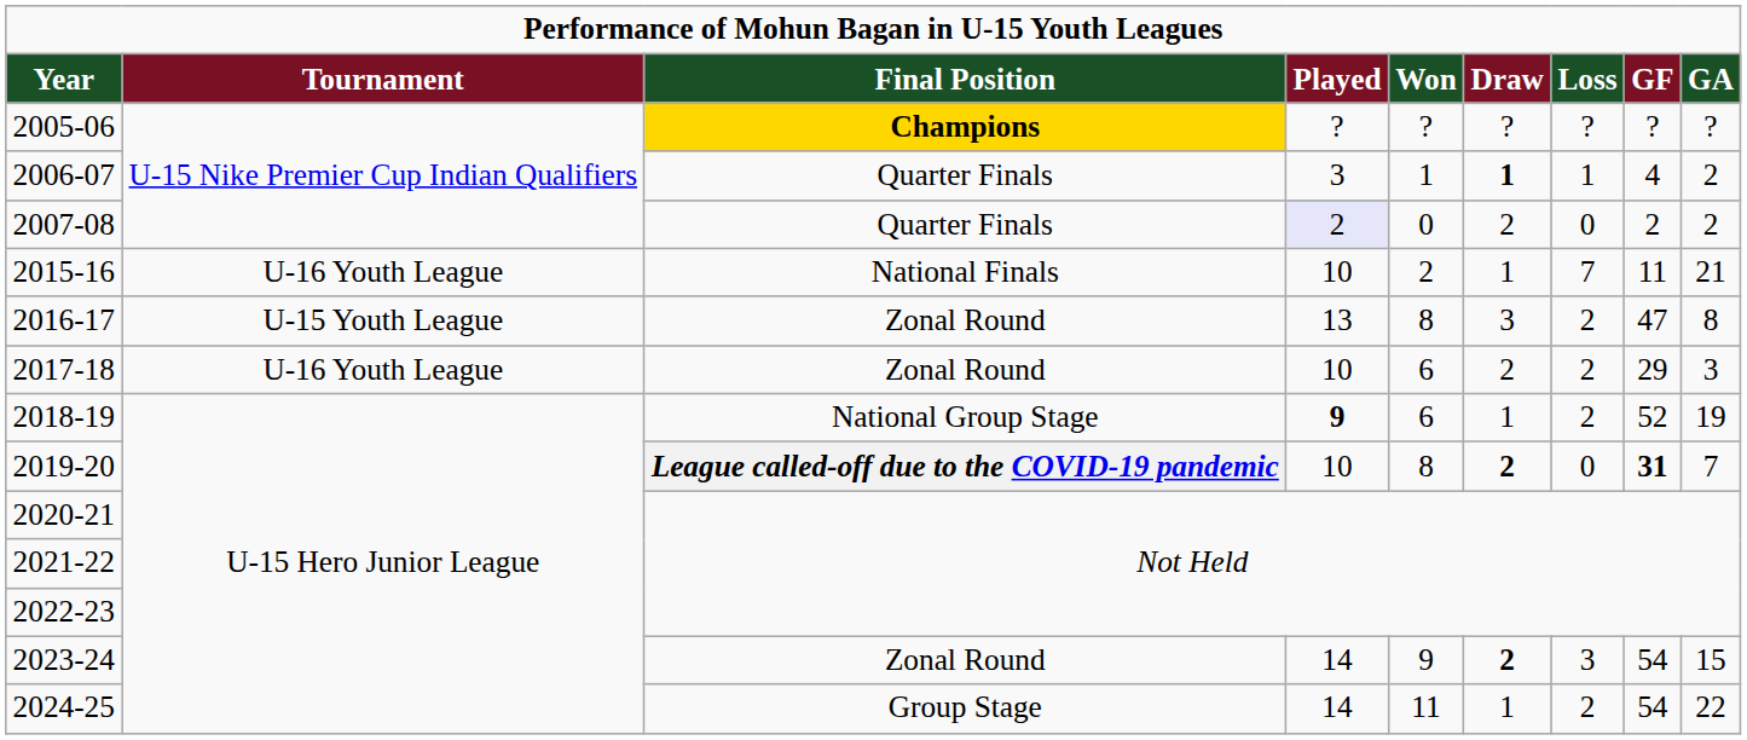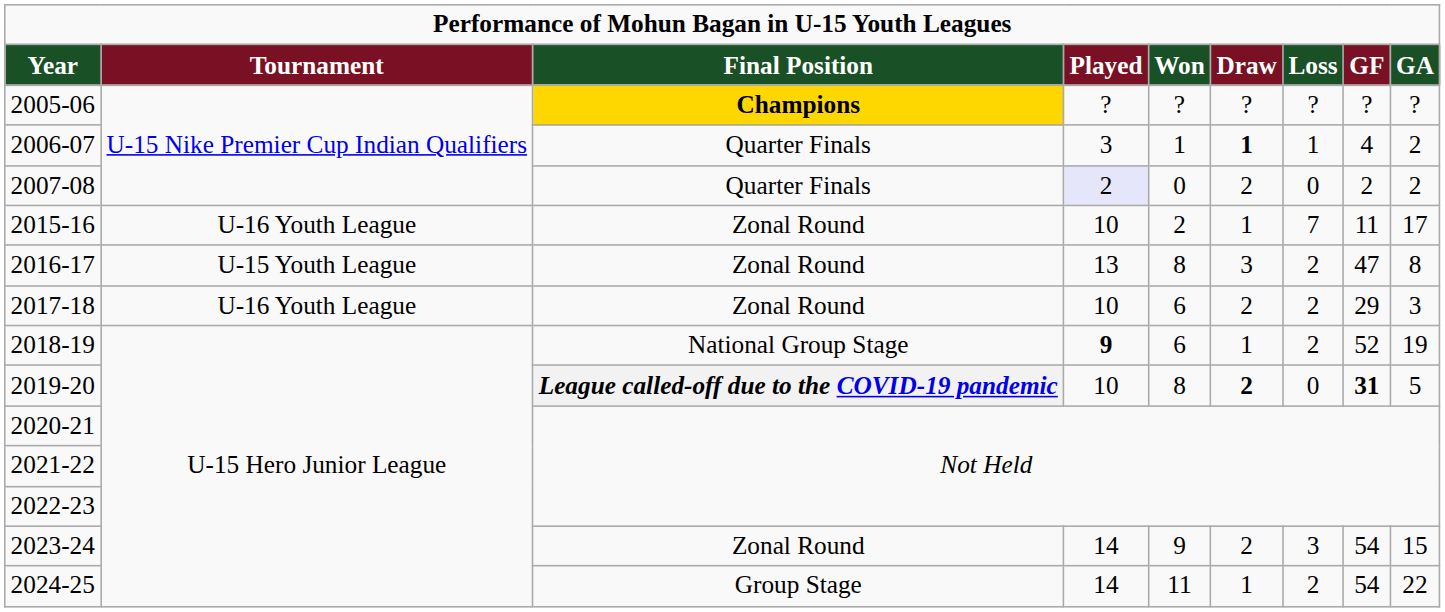 <table class="wikitable sortable" style="text-align:center;">
 <tr>
 <td colspan="9"><strong>Performance of Mohun Bagan in U-15 Youth Leagues</strong></td>
 </tr>
 <tr>
 <th style="background:#1A5026; color:white; text-align:center">Year</th>
 <th style="background:#7A1024; color:white; text-align:center">Tournament</th>
 <th style="background:#1A5026; color:white; text-align:center">Final Position</th>
 <th style="background:#7A1024; color:white; text-align:center;">Played</th>
 <th style="background:#1A5026; color:white; text-align:center;">Won</th>
 <th style="background:#7A1024; color:white; text-align:center;">Draw</th>
 <th style="background:#1A5026; color:white; text-align:center;">Loss</th>
 <th style="background:#7A1024; color:white; text-align:center;">GF</th>
 <th style="background:#1A5026; color:white; text-align:center;">GA</th>
 </tr>
 <tr>
 <td>2005-06</td>
 <td rowspan=3><a href='#'>U-15 Nike Premier Cup Indian Qualifiers</a></td>
 <td bgcolor=gold><strong>Champions</strong></td>
 <td>?</td>
 <td>?</td>
 <td>?</td>
 <td>?</td>
 <td>?</td>
 <td>?</td>
 </tr>
 <tr>
 <td>2006-07</td>
 <td>Quarter Finals</td>
 <td>3</td>
 <td>1</td>
 <td><strong>1</strong></td>
 <td>1</td>
 <td>4</td>
 <td>2</td>
 </tr>
 <tr>
 <td>2007-08</td>
 <td>Quarter Finals</td>
 <td style="background: lavender;">2</td>
 <td>0</td>
 <td>2</td>
 <td>0</td>
 <td>2</td>
 <td>2</td>
 </tr>
 <tr>
 <td>2015-16</td>
 <td>U-16 Youth League</td>
-<td>National Finals </td>
+<td>Zonal Round</td>
 <td>10</td>
 <td>2</td>
 <td>1</td>
 <td>7</td>
 <td>11</td>
-<td>21</td>
+<td>17</td>
 </tr>
 <tr>
 <td>2016-17</td>
 <td>U-15 Youth League</td>
 <td>Zonal Round</td>
 <td>13</td>
 <td>8</td>
 <td>3</td>
 <td>2</td>
 <td>47</td>
 <td>8</td>
 </tr>
 <tr>
 <td>2017-18</td>
 <td>U-16 Youth League</td>
 <td>Zonal Round</td>
 <td>10</td>
 <td>6</td>
 <td>2</td>
 <td>2</td>
 <td>29</td>
 <td>3</td>
 </tr>
 <tr>
 <td>2018-19</td>
 <td rowspan=7>U-15 Hero Junior League</td>
 <td>National Group Stage</td>
 <td><strong>9</strong></td>
 <td>6</td>
 <td>1</td>
 <td>2</td>
 <td>52</td>
 <td>19</td>
 </tr>
 <tr>
 <td>2019-20</td>
 <th><em>League called-off due to the <a href='#'>COVID-19 pandemic</a></em></th>
 <td>10</td>
 <td>8</td>
 <td><strong>2</strong></td>
 <td>0</td>
 <td><strong>31</strong></td>
-<td>7</td>
+<td>5</td>
 </tr>
 <tr>
 <td>2020-21</td>
 <td rowspan=3; colspan=7><em>Not Held</em></td>
 </tr>
 <tr>
 <td>2021-22</td>
 </tr>
 <tr>
 <td>2022-23</td>
 </tr>
 <tr>
 <td>2023-24</td>
 <td>Zonal Round</td>
 <td>14</td>
 <td>9</td>
-<td><strong>2</strong></td>
+<td>2</td>
 <td>3</td>
 <td>54</td>
 <td>15</td>
 </tr>
 <tr>
 <td>2024-25</td>
 <td>Group Stage </td>
 <td>14</td>
 <td>11</td>
 <td>1</td>
 <td>2</td>
 <td>54</td>
 <td>22</td>
 </tr>
 </table>
